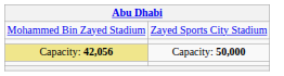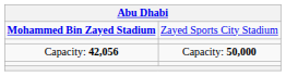 <table class="wikitable" style="text-align:center">
 <tr>
 <th colspan="2"><a href='#'>Abu Dhabi</a></th>
 </tr>
 <tr>
-<td><a href='#'>Mohammed Bin Zayed Stadium</a></td>
+<td><strong><a href='#'>Mohammed Bin Zayed Stadium</a></strong></td>
 <td><a href='#'>Zayed Sports City Stadium</a></td>
 </tr>
 <tr>
 <td><small></small></td>
 <td><small></small></td>
 </tr>
 <tr>
-<td style="background: khaki;">Capacity: <strong>42,056</strong></td>
+<td>Capacity: <strong>42,056</strong></td>
 <td>Capacity: <strong>50,000</strong></td>
 </tr>
 <tr>
 <td></td>
 <td></td>
 </tr>
 <tr>
 <th rowspan=1 colspan=5></th>
 </tr>
 </table>
